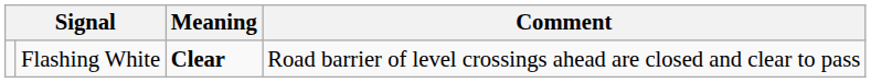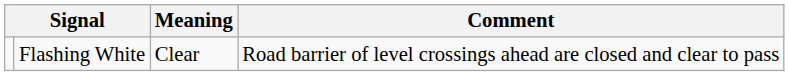 <table class="wikitable">
 <tr>
 <th colspan=2>Signal</th>
 <th>Meaning</th>
 <th>Comment</th>
 </tr>
 <tr>
 <td></td>
 <td>Flashing White</td>
-<td><strong>Clear</strong></td>
+<td>Clear</td>
 <td>Road barrier of level crossings ahead are closed and clear to pass</td>
 </tr>
 </table>
